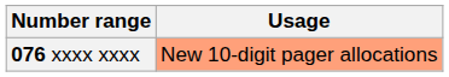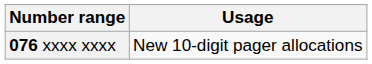 <table class="wikitable" style="margin-left: 1.5em;">
 <tr>
 <th>Number range</th>
 <th>Usage</th>
 </tr>
 <tr>
 <th scope="row" style="text-align: left; font-weight: normal;"><strong>076</strong> xxxx xxxx</th>
-<td style="background: lightsalmon;">New 10-digit pager allocations</td>
+<td>New 10-digit pager allocations</td>
 </tr>
 </table>
